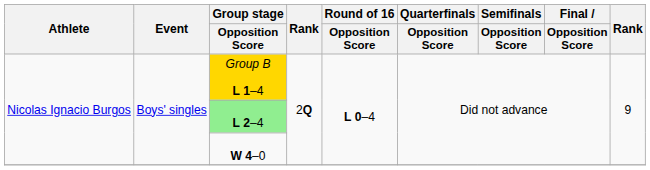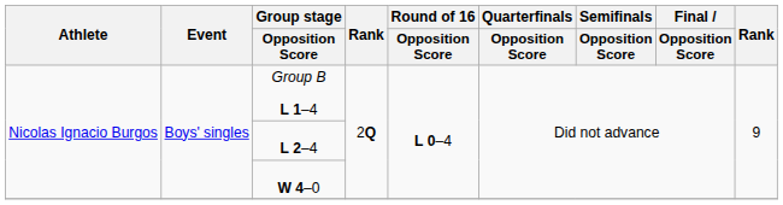 <table class=wikitable style="font-size:90%">
 <tr>
 <th rowspan="2">Athlete</th>
 <th rowspan="2">Event</th>
 <th>Group stage</th>
 <th rowspan="2">Rank</th>
 <th>Round of 16</th>
 <th>Quarterfinals</th>
 <th>Semifinals</th>
 <th>Final / </th>
 <th rowspan=2>Rank</th>
 </tr>
 <tr style="font-size:95%">
 <th>Opposition<br>Score</th>
 <th>Opposition<br>Score</th>
 <th>Opposition<br>Score</th>
 <th>Opposition<br>Score</th>
 <th>Opposition<br>Score</th>
 </tr>
 <tr align=center>
 <td align=left rowspan=3><a href='#'>Nicolas Ignacio Burgos</a></td>
 <td align=left rowspan=3><a href='#'>Boys' singles</a></td>
-<td style="background: gold;"><em>Group B</em><br> <br> <strong>L</strong> <strong>1</strong>–4</td>
+<td><em>Group B</em><br> <br> <strong>L</strong> <strong>1</strong>–4</td>
 <td rowspan=3>2<strong>Q</strong></td>
 <td rowspan=3> <br> <strong>L</strong> <strong>0</strong>–4</td>
 <td rowspan=3 colspan=3>Did not advance</td>
 <td rowspan=3>9</td>
 </tr>
 <tr align=center>
-<td style="background: lightgreen;"> <br> <strong>L</strong> <strong>2</strong>–4</td>
+<td> <br> <strong>L</strong> <strong>2</strong>–4</td>
 </tr>
 <tr align=center>
 <td> <br> <strong>W</strong> <strong>4</strong>–0</td>
 </tr>
 <tr align=center>
 </tr>
 </table>
